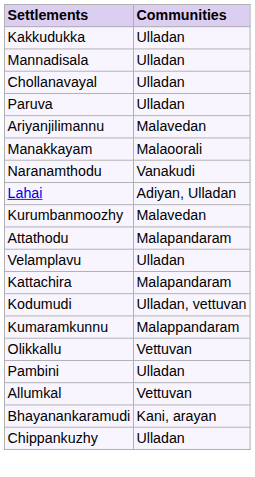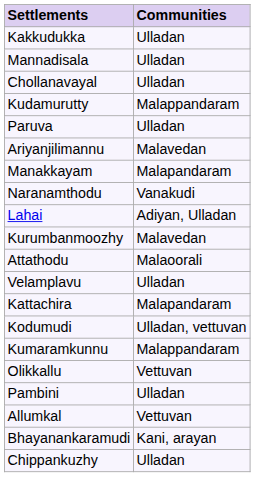 <table class="sortable" border="1" cellpadding="3" cellspacing="0" style="margin: 1em 1em 1em 0; background: #f8f5fe; border: 0px #aaa solid; border-collapse: collapse; font-size: 100%;">
 <tr bgcolor="#DCCEF1" style="colour:#FFFFFF" align="centre">
 <td><strong>Settlements</strong></td>
 <td><strong>Communities</strong></td>
 </tr>
 <tr>
 <td>Kakkudukka</td>
 <td>Ulladan</td>
 </tr>
 <tr>
 <td>Mannadisala</td>
 <td>Ulladan</td>
 </tr>
 <tr>
 <td>Chollanavayal</td>
 <td>Ulladan</td>
 </tr>
 <tr>
+<td>Kudamurutty</td>
+<td>Malappandaram</td>
+</tr>
+<tr>
 <td>Paruva</td>
 <td>Ulladan</td>
 </tr>
 <tr>
 <td>Ariyanjilimannu</td>
 <td>Malavedan</td>
 </tr>
 <tr>
 <td>Manakkayam</td>
-<td>Malaoorali</td>
+<td>Malapandaram</td>
 </tr>
 <tr>
 <td>Naranamthodu</td>
 <td>Vanakudi</td>
 </tr>
 <tr>
 <td><a href='#'>Lahai</a></td>
 <td>Adiyan, Ulladan</td>
 </tr>
 <tr>
 <td>Kurumbanmoozhy</td>
 <td>Malavedan</td>
 </tr>
 <tr>
 <td>Attathodu</td>
-<td>Malapandaram</td>
+<td>Malaoorali</td>
 </tr>
 <tr>
 <td>Velamplavu</td>
 <td>Ulladan</td>
 </tr>
 <tr>
 <td>Kattachira</td>
 <td>Malapandaram</td>
 </tr>
 <tr>
 <td>Kodumudi</td>
 <td>Ulladan, vettuvan</td>
 </tr>
 <tr>
 <td>Kumaramkunnu</td>
 <td>Malappandaram</td>
 </tr>
 <tr>
 <td>Olikkallu</td>
 <td>Vettuvan</td>
 </tr>
 <tr>
 <td>Pambini</td>
 <td>Ulladan</td>
 </tr>
 <tr>
 <td>Allumkal</td>
 <td>Vettuvan</td>
 </tr>
 <tr>
 <td>Bhayanankaramudi</td>
 <td>Kani, arayan</td>
 </tr>
 <tr>
 <td>Chippankuzhy</td>
 <td>Ulladan</td>
 </tr>
 </table>
